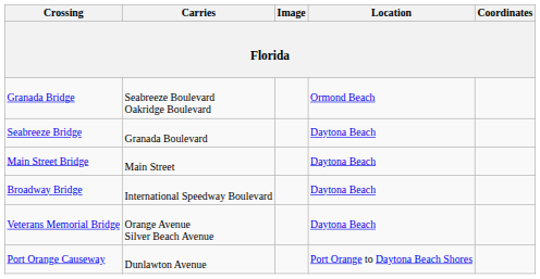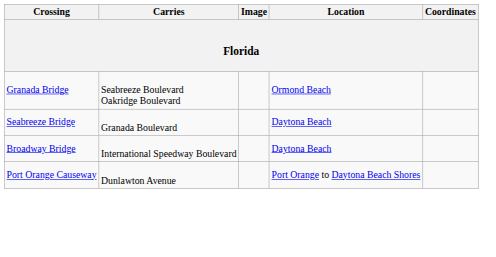 <table class=wikitable>
 <tr>
 <th>Crossing</th>
 <th>Carries</th>
 <th>Image</th>
 <th>Location</th>
 <th>Coordinates</th>
 </tr>
 <tr>
 <th colspan=5><br><h3>Florida</h3></th>
 </tr>
 <tr>
 <td><a href='#'>Granada Bridge</a></td>
 <td><br>Seabreeze Boulevard<br>Oakridge Boulevard</td>
 <td></td>
 <td><a href='#'>Ormond Beach</a></td>
 <td></td>
 </tr>
 <tr>
 <td><a href='#'>Seabreeze Bridge</a></td>
 <td><br>Granada Boulevard</td>
 <td></td>
 <td><a href='#'>Daytona Beach</a></td>
 <td></td>
 </tr>
 <tr>
-<td><a href='#'>Main Street Bridge</a></td>
-<td><br>Main Street</td>
-<td></td>
-<td><a href='#'>Daytona Beach</a></td>
-<td></td>
-</tr>
-<tr>
 <td><a href='#'>Broadway Bridge</a></td>
 <td><br>International Speedway Boulevard</td>
-<td></td>
-<td><a href='#'>Daytona Beach</a></td>
-<td></td>
-</tr>
-<tr>
-<td><a href='#'>Veterans Memorial Bridge</a></td>
-<td><br>Orange Avenue<br>Silver Beach Avenue</td>
 <td></td>
 <td><a href='#'>Daytona Beach</a></td>
 <td></td>
 </tr>
 <tr>
 <td><a href='#'>Port Orange Causeway</a></td>
 <td><br>Dunlawton Avenue</td>
 <td></td>
 <td><a href='#'>Port Orange</a> to <a href='#'>Daytona Beach Shores</a></td>
 <td></td>
 </tr>
 </table>
